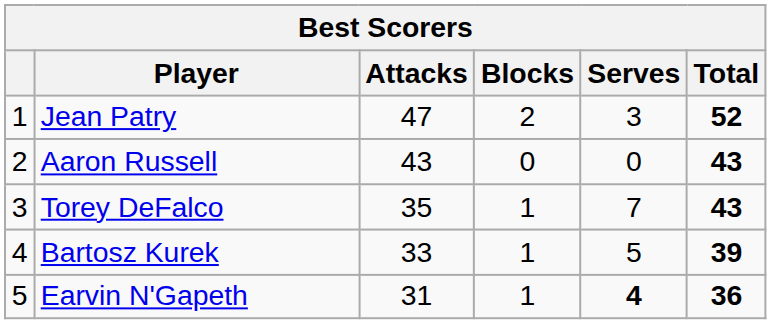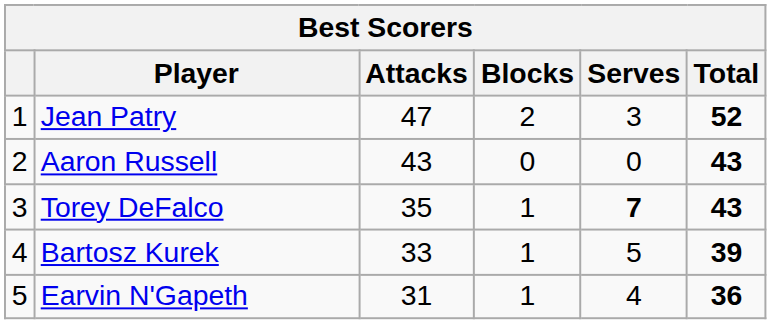 <table class="wikitable sortable" style=font-size:90%>
 <tr>
 <th colspan=6>Best Scorers</th>
 </tr>
 <tr>
 <th></th>
 <th width=158>Player</th>
 <th width=20>Attacks</th>
 <th width=20>Blocks</th>
 <th width=20>Serves</th>
 <th width=20>Total</th>
 </tr>
 <tr>
 <td>1</td>
 <td> <a href='#'>Jean Patry</a></td>
 <td align=center>47</td>
 <td align=center>2</td>
 <td align=center>3</td>
 <td align=center><strong>52</strong></td>
 </tr>
 <tr>
 <td>2</td>
 <td> <a href='#'>Aaron Russell</a></td>
 <td align=center>43</td>
 <td align=center>0</td>
 <td align=center>0</td>
 <td align=center><strong>43</strong></td>
 </tr>
 <tr>
 <td>3</td>
 <td> <a href='#'>Torey DeFalco</a></td>
 <td align=center>35</td>
 <td align=center>1</td>
-<td align=center>7</td>
+<td align=center><strong>7</strong></td>
 <td align=center><strong>43</strong></td>
 </tr>
 <tr>
 <td>4</td>
 <td> <a href='#'>Bartosz Kurek</a></td>
 <td align=center>33</td>
 <td align=center>1</td>
 <td align=center>5</td>
 <td align=center><strong>39</strong></td>
 </tr>
 <tr>
 <td>5</td>
 <td> <a href='#'>Earvin N'Gapeth</a></td>
 <td align=center>31</td>
 <td align=center>1</td>
-<td align=center><strong>4</strong></td>
+<td align=center>4</td>
 <td align=center><strong>36</strong></td>
 </tr>
 </table>
